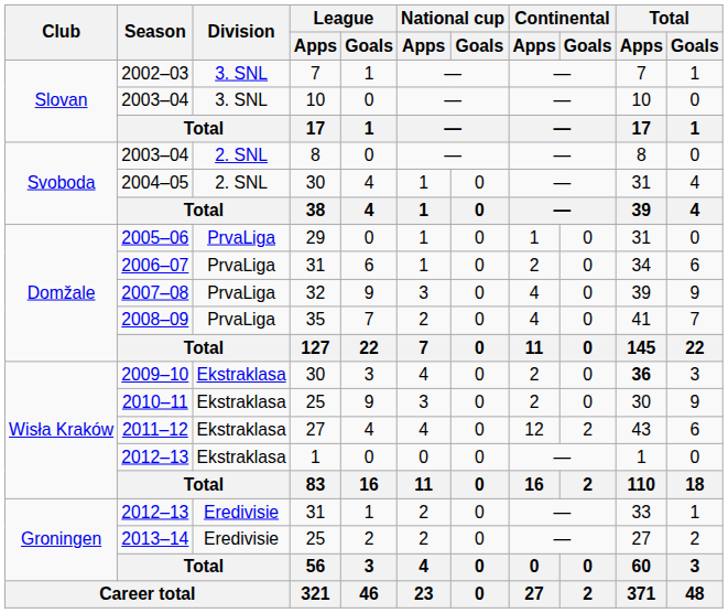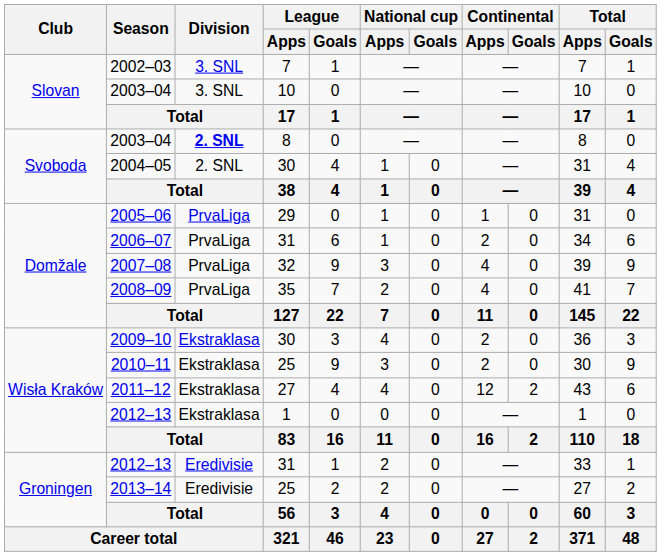 <table class="wikitable" style="text-align:center">
 <tr>
 <th rowspan="2">Club</th>
 <th rowspan="2">Season</th>
 <th rowspan="2">Division</th>
 <th colspan="2">League</th>
 <th colspan="2">National cup</th>
 <th colspan="2">Continental</th>
 <th colspan="2">Total</th>
 </tr>
 <tr>
 <th>Apps</th>
 <th>Goals</th>
 <th>Apps</th>
 <th>Goals</th>
 <th>Apps</th>
 <th>Goals</th>
 <th>Apps</th>
 <th>Goals</th>
 </tr>
 <tr>
 <td rowspan="3"><a href='#'>Slovan</a></td>
 <td>2002–03</td>
 <td><a href='#'>3. SNL</a></td>
 <td>7</td>
 <td>1</td>
 <td colspan="2">—</td>
 <td colspan="2">—</td>
 <td>7</td>
 <td>1</td>
 </tr>
 <tr>
 <td>2003–04</td>
 <td>3. SNL</td>
 <td>10</td>
 <td>0</td>
 <td colspan="2">—</td>
 <td colspan="2">—</td>
 <td>10</td>
 <td>0</td>
 </tr>
 <tr>
 <th colspan="2">Total</th>
 <th>17</th>
 <th>1</th>
 <th colspan="2">—</th>
 <th colspan="2">—</th>
 <th>17</th>
 <th>1</th>
 </tr>
 <tr>
 <td rowspan="3"><a href='#'>Svoboda</a></td>
 <td>2003–04</td>
-<td><a href='#'>2. SNL</a></td>
+<td><strong><a href='#'>2. SNL</a></strong></td>
 <td>8</td>
 <td>0</td>
 <td colspan="2">—</td>
 <td colspan="2">—</td>
 <td>8</td>
 <td>0</td>
 </tr>
 <tr>
 <td>2004–05</td>
 <td>2. SNL</td>
 <td>30</td>
 <td>4</td>
 <td>1</td>
 <td>0</td>
 <td colspan="2">—</td>
 <td>31</td>
 <td>4</td>
 </tr>
 <tr>
 <th colspan="2">Total</th>
 <th>38</th>
 <th>4</th>
 <th>1</th>
 <th>0</th>
 <th colspan="2">—</th>
 <th>39</th>
 <th>4</th>
 </tr>
 <tr>
 <td rowspan="5"><a href='#'>Domžale</a></td>
 <td><a href='#'>2005–06</a></td>
 <td><a href='#'>PrvaLiga</a></td>
 <td>29</td>
 <td>0</td>
 <td>1</td>
 <td>0</td>
 <td>1</td>
 <td>0</td>
 <td>31</td>
 <td>0</td>
 </tr>
 <tr>
 <td><a href='#'>2006–07</a></td>
 <td>PrvaLiga</td>
 <td>31</td>
 <td>6</td>
 <td>1</td>
 <td>0</td>
 <td>2</td>
 <td>0</td>
 <td>34</td>
 <td>6</td>
 </tr>
 <tr>
 <td><a href='#'>2007–08</a></td>
 <td>PrvaLiga</td>
 <td>32</td>
 <td>9</td>
 <td>3</td>
 <td>0</td>
 <td>4</td>
 <td>0</td>
 <td>39</td>
 <td>9</td>
 </tr>
 <tr>
 <td><a href='#'>2008–09</a></td>
 <td>PrvaLiga</td>
 <td>35</td>
 <td>7</td>
 <td>2</td>
 <td>0</td>
 <td>4</td>
 <td>0</td>
 <td>41</td>
 <td>7</td>
 </tr>
 <tr>
 <th colspan="2">Total</th>
 <th>127</th>
 <th>22</th>
 <th>7</th>
 <th>0</th>
 <th>11</th>
 <th>0</th>
 <th>145</th>
 <th>22</th>
 </tr>
 <tr>
 <td rowspan="5"><a href='#'>Wisła Kraków</a></td>
 <td><a href='#'>2009–10</a></td>
 <td><a href='#'>Ekstraklasa</a></td>
 <td>30</td>
 <td>3</td>
 <td>4</td>
 <td>0</td>
 <td>2</td>
 <td>0</td>
-<td><strong>36</strong></td>
+<td>36</td>
 <td>3</td>
 </tr>
 <tr>
 <td><a href='#'>2010–11</a></td>
 <td>Ekstraklasa</td>
 <td>25</td>
 <td>9</td>
 <td>3</td>
 <td>0</td>
 <td>2</td>
 <td>0</td>
 <td>30</td>
 <td>9</td>
 </tr>
 <tr>
 <td><a href='#'>2011–12</a></td>
 <td>Ekstraklasa</td>
 <td>27</td>
 <td>4</td>
 <td>4</td>
 <td>0</td>
 <td>12</td>
 <td>2</td>
 <td>43</td>
 <td>6</td>
 </tr>
 <tr>
 <td><a href='#'>2012–13</a></td>
 <td>Ekstraklasa</td>
 <td>1</td>
 <td>0</td>
 <td>0</td>
 <td>0</td>
 <td colspan="2">—</td>
 <td>1</td>
 <td>0</td>
 </tr>
 <tr>
 <th colspan="2">Total</th>
 <th>83</th>
 <th>16</th>
 <th>11</th>
 <th>0</th>
 <th>16</th>
 <th>2</th>
 <th>110</th>
 <th>18</th>
 </tr>
 <tr>
 <td rowspan="3"><a href='#'>Groningen</a></td>
 <td><a href='#'>2012–13</a></td>
 <td><a href='#'>Eredivisie</a></td>
 <td>31</td>
 <td>1</td>
 <td>2</td>
 <td>0</td>
 <td colspan="2">—</td>
 <td>33</td>
 <td>1</td>
 </tr>
 <tr>
 <td><a href='#'>2013–14</a></td>
 <td>Eredivisie</td>
 <td>25</td>
 <td>2</td>
 <td>2</td>
 <td>0</td>
 <td colspan="2">—</td>
 <td>27</td>
 <td>2</td>
 </tr>
 <tr>
 <th colspan="2">Total</th>
 <th>56</th>
 <th>3</th>
 <th>4</th>
 <th>0</th>
 <th>0</th>
 <th>0</th>
 <th>60</th>
 <th>3</th>
 </tr>
 <tr>
 <th colspan="3">Career total</th>
 <th>321</th>
 <th>46</th>
 <th>23</th>
 <th>0</th>
 <th>27</th>
 <th>2</th>
 <th>371</th>
 <th>48</th>
 </tr>
 </table>
